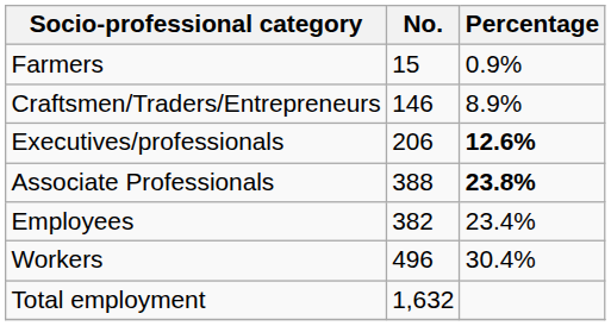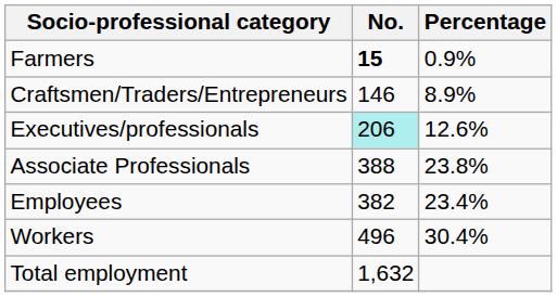 <table class="wikitable">
 <tr>
 <th>Socio-professional category</th>
 <th>No.</th>
 <th>Percentage</th>
 </tr>
 <tr>
 <td>Farmers</td>
-<td>15</td>
+<td><strong>15</strong></td>
 <td>0.9%</td>
 </tr>
 <tr>
 <td>Craftsmen/Traders/Entrepreneurs</td>
 <td>146</td>
 <td>8.9%</td>
 </tr>
 <tr>
 <td>Executives/professionals</td>
-<td>206</td>
-<td><strong>12.6%</strong></td>
+<td style="background: paleturquoise;">206</td>
+<td>12.6%</td>
 </tr>
 <tr>
 <td>Associate Professionals</td>
 <td>388</td>
-<td><strong>23.8%</strong></td>
+<td>23.8%</td>
 </tr>
 <tr>
 <td>Employees</td>
 <td>382</td>
 <td>23.4%</td>
 </tr>
 <tr>
 <td>Workers</td>
 <td>496</td>
 <td>30.4%</td>
 </tr>
 <tr>
 <td>Total employment</td>
 <td>1,632</td>
 <td></td>
 </tr>
 <tr>
 </tr>
 </table>
